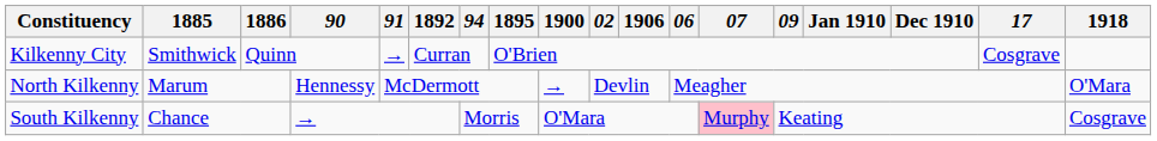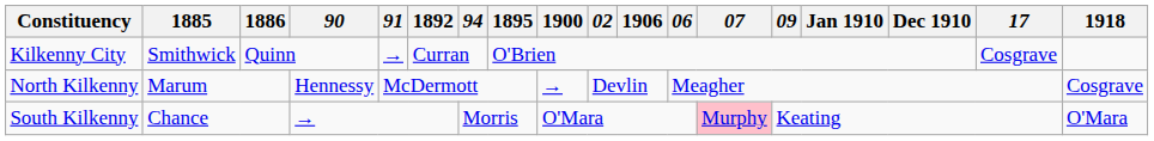 <table class="wikitable">
 <tr>
 <th>Constituency</th>
 <th>1885</th>
 <th>1886</th>
 <th><em>90</em></th>
 <th><em>91</em></th>
 <th>1892</th>
 <th><em>94</em></th>
 <th>1895</th>
 <th>1900</th>
 <th><em>02</em></th>
 <th>1906</th>
 <th><em>06</em></th>
 <th><em>07</em></th>
 <th><em>09</em></th>
 <th>Jan 1910</th>
 <th>Dec 1910</th>
 <th><em>17</em></th>
 <th>1918</th>
 </tr>
 <tr>
 <td><a href='#'>Kilkenny City</a></td>
 <td><a href='#'>Smithwick</a></td>
 <td colspan="2"><a href='#'>Quinn</a></td>
 <td><a href='#'>→</a></td>
 <td colspan="2"><a href='#'>Curran</a></td>
 <td colspan="9"><a href='#'>O'Brien</a></td>
 <td><a href='#'>Cosgrave</a></td>
 <td></td>
 </tr>
 <tr>
 <td><a href='#'>North Kilkenny</a></td>
 <td colspan="2"><a href='#'>Marum</a></td>
 <td><a href='#'>Hennessy</a></td>
 <td colspan="4"><a href='#'>McDermott</a></td>
 <td><a href='#'>→</a></td>
 <td colspan="2"><a href='#'>Devlin</a></td>
 <td colspan="6"><a href='#'>Meagher</a></td>
-<td><a href='#'>O'Mara</a></td>
+<td><a href='#'>Cosgrave</a></td>
 </tr>
 <tr>
 <td><a href='#'>South Kilkenny</a></td>
 <td colspan="2"><a href='#'>Chance</a></td>
 <td colspan="3"><a href='#'>→</a></td>
 <td colspan="2"><a href='#'>Morris</a></td>
 <td colspan="4"><a href='#'>O'Mara</a></td>
 <td style="background: pink;"><a href='#'>Murphy</a></td>
 <td colspan="4"><a href='#'>Keating</a></td>
-<td><a href='#'>Cosgrave</a></td>
+<td><a href='#'>O'Mara</a></td>
 </tr>
 </table>
